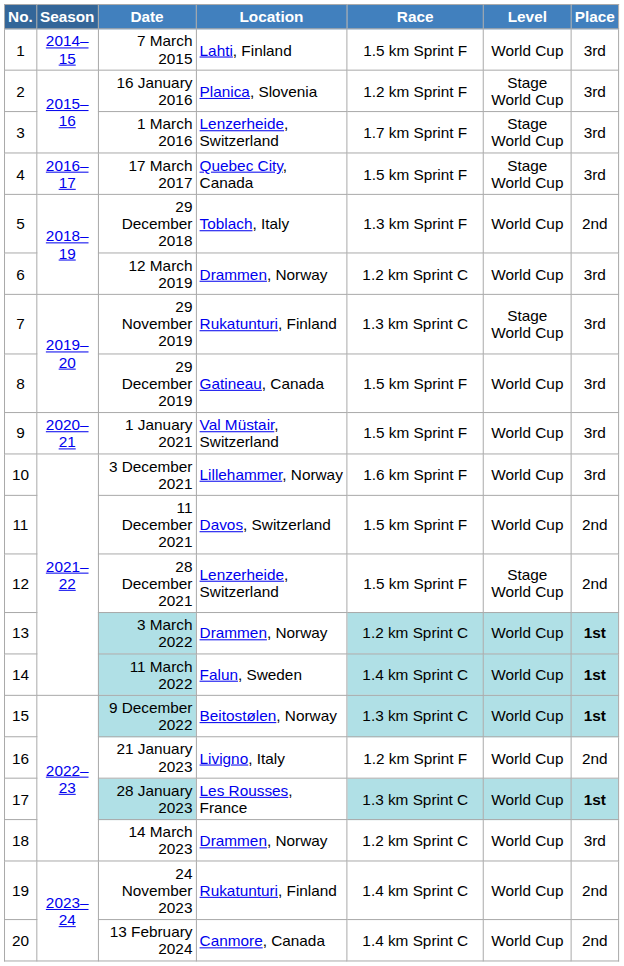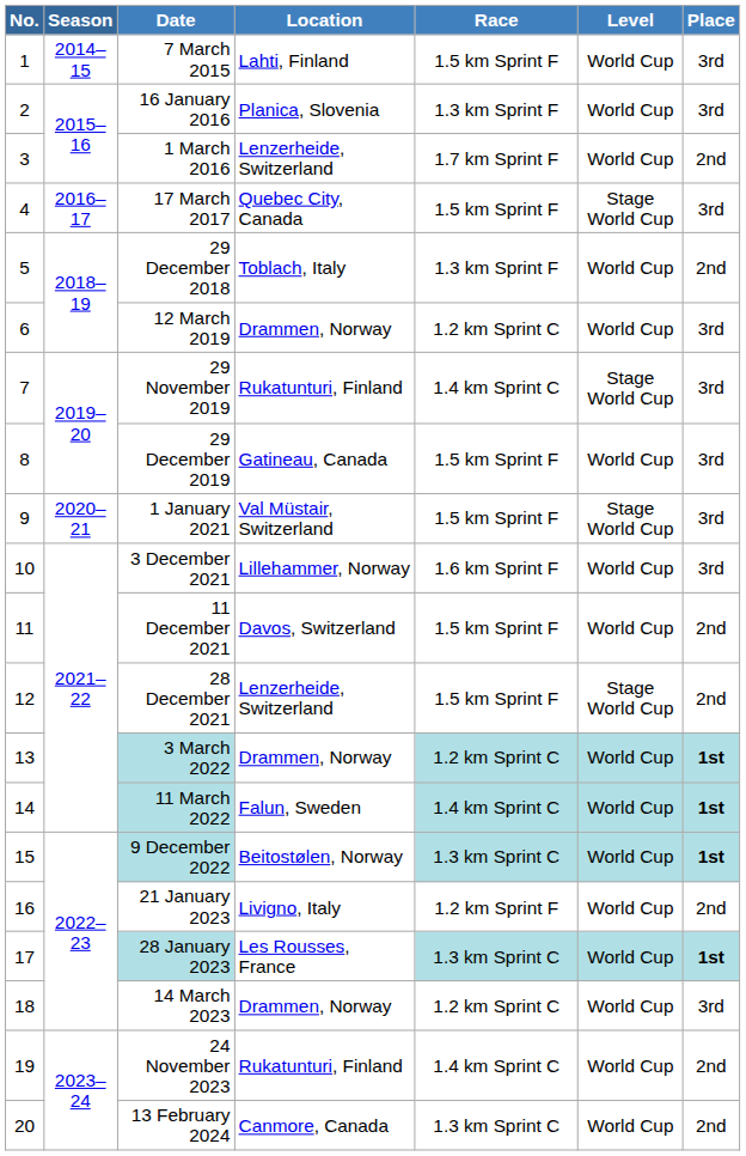 <table class="wikitable sortable" style="font-size:95%; text-align:center; border:grey solid 1px; border-collapse:collapse; background:#ffffff;">
 <tr style="background:#efefef;">
 <th style="background-color:#369; color:white;">No.</th>
 <th style="background-color:#369; color:white;">Season</th>
 <th style="background-color:#4180be; color:white; width:100px;">Date</th>
 <th style="background-color:#4180be; color:white; width:170px;">Location</th>
 <th style="background-color:#4180be; color:white; width:170px;">Race</th>
 <th style="background-color:#4180be; color:white; width:100px;">Level</th>
 <th style="background-color:#4180be; color:white;">Place</th>
 </tr>
 <tr>
 <td align=center>1</td>
 <td rowspan=1><a href='#'>2014–15</a></td>
 <td align=right>7 March 2015</td>
 <td align=left> <a href='#'>Lahti</a>, Finland</td>
 <td>1.5 km Sprint F</td>
 <td>World Cup</td>
 <td>3rd</td>
 </tr>
 <tr>
 <td align=center>2</td>
 <td rowspan=2><a href='#'>2015–16</a></td>
 <td align=right>16 January 2016</td>
 <td align=left> <a href='#'>Planica</a>, Slovenia</td>
-<td>1.2 km Sprint F</td>
-<td>Stage World Cup</td>
+<td>1.3 km Sprint F</td>
+<td>World Cup</td>
 <td>3rd</td>
 </tr>
 <tr>
 <td align=center>3</td>
 <td align=right>1 March 2016</td>
 <td align=left> <a href='#'>Lenzerheide</a>, Switzerland</td>
 <td>1.7 km Sprint F</td>
-<td>Stage World Cup</td>
-<td>3rd</td>
+<td>World Cup</td>
+<td>2nd</td>
 </tr>
 <tr>
 <td align=center>4</td>
 <td rowspan=1><a href='#'>2016–17</a></td>
 <td align=right>17 March 2017</td>
 <td align=left> <a href='#'>Quebec City</a>, Canada</td>
 <td>1.5 km Sprint F</td>
 <td>Stage World Cup</td>
 <td>3rd</td>
 </tr>
 <tr>
 <td align=center>5</td>
 <td rowspan=2><a href='#'>2018–19</a></td>
 <td align=right>29 December 2018</td>
 <td align=left> <a href='#'>Toblach</a>, Italy</td>
 <td>1.3 km Sprint F</td>
 <td>World Cup</td>
 <td>2nd</td>
 </tr>
 <tr>
 <td align=center>6</td>
 <td align=right>12 March 2019</td>
 <td align=left> <a href='#'>Drammen</a>, Norway</td>
 <td>1.2 km Sprint C</td>
 <td>World Cup</td>
 <td>3rd</td>
 </tr>
 <tr>
 <td align=center>7</td>
 <td rowspan=2><a href='#'>2019–20</a></td>
 <td align=right>29 November 2019</td>
 <td align=left> <a href='#'>Rukatunturi</a>, Finland</td>
-<td>1.3 km Sprint C</td>
+<td>1.4 km Sprint C</td>
 <td>Stage World Cup</td>
 <td>3rd</td>
 </tr>
 <tr>
 <td align=center>8</td>
 <td align=right>29 December 2019</td>
 <td align=left> <a href='#'>Gatineau</a>, Canada</td>
 <td>1.5 km Sprint F</td>
 <td>World Cup</td>
 <td>3rd</td>
 </tr>
 <tr>
 <td align=center>9</td>
 <td rowspan=1 align=center><a href='#'>2020–21</a></td>
 <td align=right>1 January 2021</td>
 <td align=left> <a href='#'>Val Müstair</a>, Switzerland</td>
 <td>1.5 km Sprint F</td>
-<td>World Cup</td>
+<td>Stage World Cup</td>
 <td>3rd</td>
 </tr>
 <tr>
 <td align=center>10</td>
 <td rowspan=5 align=center><a href='#'>2021–22</a></td>
 <td align= right>3 December 2021</td>
 <td align=left> <a href='#'>Lillehammer</a>, Norway</td>
 <td>1.6 km Sprint F</td>
 <td>World Cup</td>
 <td>3rd</td>
 </tr>
 <tr>
 <td align=center>11</td>
 <td align=right>11 December 2021</td>
 <td align=left> <a href='#'>Davos</a>, Switzerland</td>
 <td>1.5 km Sprint F</td>
 <td>World Cup</td>
 <td>2nd</td>
 </tr>
 <tr>
 <td align=center>12</td>
 <td align=right>28 December 2021</td>
 <td align=left> <a href='#'>Lenzerheide</a>, Switzerland</td>
 <td>1.5 km Sprint F</td>
 <td>Stage World Cup</td>
 <td>2nd</td>
 </tr>
 <tr>
 <td align=center>13</td>
 <td bgcolor="#BOEOE6" align=right>3 March 2022</td>
 <td align=left> <a href='#'>Drammen</a>, Norway</td>
 <td bgcolor="#BOEOE6">1.2 km Sprint C</td>
 <td bgcolor="#BOEOE6">World Cup</td>
 <td bgcolor="#BOEOE6"><strong>1st</strong></td>
 </tr>
 <tr>
 <td align=center>14</td>
 <td bgcolor="#BOEOE6" align=right>11 March 2022</td>
 <td align=left> <a href='#'>Falun</a>, Sweden</td>
 <td bgcolor="#BOEOE6">1.4 km Sprint C</td>
 <td bgcolor="#BOEOE6">World Cup</td>
 <td bgcolor="#BOEOE6"><strong>1st</strong></td>
 </tr>
 <tr>
 <td align=center>15</td>
 <td rowspan="4" align="center"><a href='#'>2022–23</a></td>
 <td bgcolor="#BOEOE6" align=right>9 December 2022</td>
 <td align=left> <a href='#'>Beitostølen</a>, Norway</td>
 <td bgcolor="#BOEOE6">1.3 km Sprint C</td>
 <td bgcolor="#BOEOE6">World Cup</td>
 <td bgcolor="#BOEOE6"><strong>1st</strong></td>
 </tr>
 <tr>
 <td align=center>16</td>
 <td align=right>21 January 2023</td>
 <td align=left> <a href='#'>Livigno</a>, Italy</td>
 <td>1.2 km Sprint F</td>
 <td>World Cup</td>
 <td>2nd</td>
 </tr>
 <tr>
 <td align=center>17</td>
 <td bgcolor="#BOEOE6" align=right>28 January 2023</td>
 <td align=left> <a href='#'>Les Rousses</a>, France</td>
 <td bgcolor="#BOEOE6">1.3 km Sprint C</td>
 <td bgcolor="#BOEOE6">World Cup</td>
 <td bgcolor="#BOEOE6"><strong>1st</strong></td>
 </tr>
 <tr>
 <td align=center>18</td>
 <td align=right>14 March 2023</td>
 <td align=left> <a href='#'>Drammen</a>, Norway</td>
 <td>1.2 km Sprint C</td>
 <td>World Cup</td>
 <td>3rd</td>
 </tr>
 <tr>
 <td align=center>19</td>
 <td align=center rowspan=2><a href='#'>2023–24</a></td>
 <td align=right>24 November 2023</td>
 <td align=left> <a href='#'>Rukatunturi</a>, Finland</td>
 <td>1.4 km Sprint C</td>
 <td>World Cup</td>
 <td>2nd</td>
 </tr>
 <tr>
 <td align=center>20</td>
 <td align=right>13 February 2024</td>
 <td align=left> <a href='#'>Canmore</a>, Canada</td>
-<td>1.4 km Sprint C</td>
+<td>1.3 km Sprint C</td>
 <td>World Cup</td>
 <td>2nd</td>
 </tr>
 </table>
